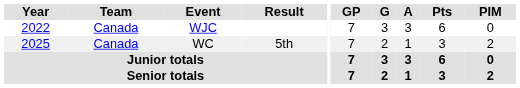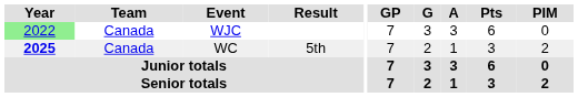 <table border="0" cellpadding="1" cellspacing="0" ID="Table3" style="text-align:center; width:40em">
 <tr ALIGN="center" bgcolor="#e0e0e0">
 <th>Year</th>
 <th>Team</th>
 <th>Event</th>
 <th>Result</th>
 <th rowspan="99" bgcolor="#ffffff"></th>
 <th>GP</th>
 <th>G</th>
 <th>A</th>
 <th>Pts</th>
 <th>PIM</th>
 </tr>
 <tr>
-<td><a href='#'>2022</a></td>
+<td style="background: lightgreen;"><a href='#'>2022</a></td>
 <td><a href='#'>Canada</a></td>
 <td><a href='#'>WJC</a></td>
 <td></td>
 <td>7</td>
 <td>3</td>
 <td>3</td>
 <td>6</td>
 <td>0</td>
 </tr>
 <tr bgcolor="#f0f0f0">
-<td><a href='#'>2025</a></td>
+<td><strong><a href='#'>2025</a></strong></td>
 <td><a href='#'>Canada</a></td>
 <td>WC</td>
 <td>5th</td>
 <td>7</td>
 <td>2</td>
 <td>1</td>
 <td>3</td>
 <td>2</td>
 </tr>
 <tr ALIGN="center" bgcolor="#e0e0e0">
 <th colspan=4>Junior totals</th>
 <th>7</th>
 <th>3</th>
 <th>3</th>
 <th>6</th>
 <th>0</th>
 </tr>
 <tr bgcolor="#e0e0e0">
 <th colspan="4">Senior totals</th>
 <th>7</th>
 <th>2</th>
 <th>1</th>
 <th>3</th>
 <th>2</th>
 </tr>
 </table>
